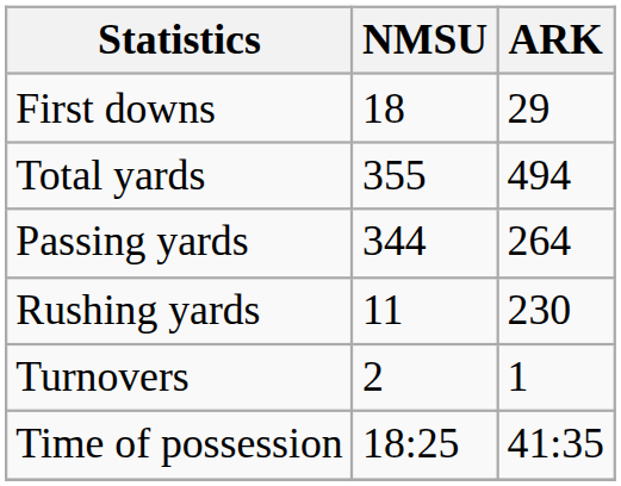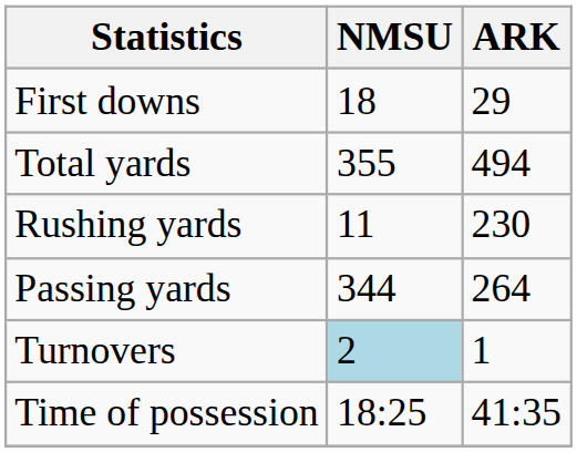 <table class="wikitable" style="float: left;">
 <tr>
 <th>Statistics</th>
 <th>NMSU</th>
 <th>ARK</th>
 </tr>
 <tr>
 <td>First downs</td>
 <td>18</td>
 <td>29</td>
 </tr>
 <tr>
 <td>Total yards</td>
 <td>355</td>
 <td>494</td>
 </tr>
 <tr>
+<td>Rushing yards</td>
+<td>11</td>
+<td>230</td>
+</tr>
+<tr>
 <td>Passing yards</td>
 <td>344</td>
 <td>264</td>
 </tr>
 <tr>
-<td>Rushing yards</td>
-<td>11</td>
-<td>230</td>
-</tr>
-<tr>
 <td>Turnovers</td>
-<td>2</td>
+<td style="background: lightblue;">2</td>
 <td>1</td>
 </tr>
 <tr>
 <td>Time of possession</td>
 <td>18:25</td>
 <td>41:35</td>
 </tr>
 <tr>
 </tr>
 </table>
